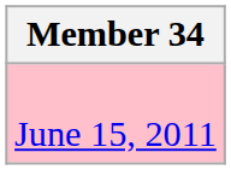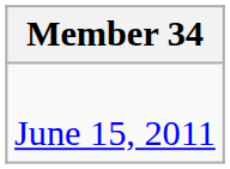 <table class=wikitable align=right>
 <tr>
 <th>Member 34</th>
 </tr>
 <tr>
-<td style="background: pink;"><br><a href='#'>June 15, 2011</a></td>
+<td><br><a href='#'>June 15, 2011</a></td>
 </tr>
 </table>
